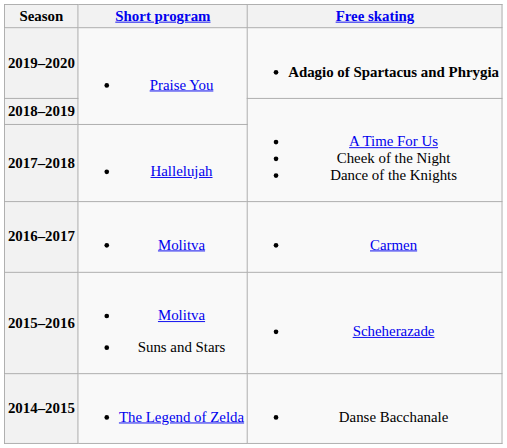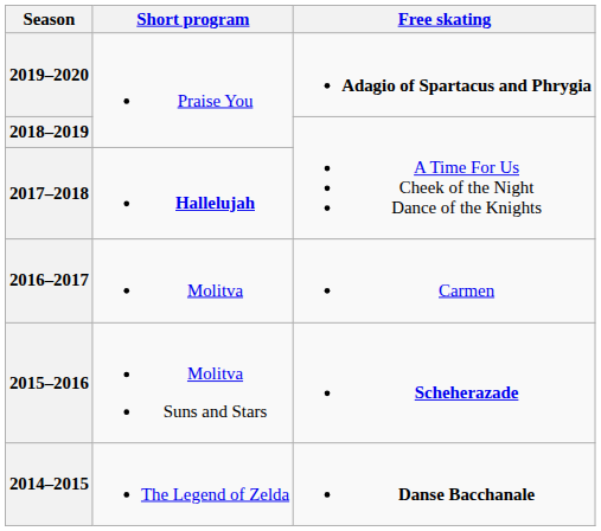 <table class=wikitable style=text-align:center>
 <tr>
 <th>Season</th>
 <th><a href='#'>Short program</a></th>
 <th><a href='#'>Free skating</a></th>
 </tr>
 <tr>
 <th>2019–2020 <br></th>
 <td rowspan=2><br><ul><li><a href='#'>Praise You</a> <br></li></ul></td>
 <td><strong><br><ul><li>Adagio of Spartacus and Phrygia <br></li></ul></strong></td>
 </tr>
 <tr>
 <th>2018–2019 <br></th>
 <td rowspan=2><br><ul><li><a href='#'>A Time For Us</a> <br></li><li>Cheek of the Night <br></li><li>Dance of the Knights <br></li></ul></td>
 </tr>
 <tr>
 <th>2017–2018 <br></th>
-<td><br><ul><li><a href='#'>Hallelujah</a> <br></li></ul></td>
+<td><strong><br><ul><li><a href='#'>Hallelujah</a> <br></li></ul></strong></td>
 </tr>
 <tr>
 <th>2016–2017 <br></th>
 <td><br><ul><li><a href='#'>Molitva</a> <br></li></ul></td>
 <td><br><ul><li><a href='#'>Carmen</a> <br></li></ul></td>
 </tr>
 <tr>
 <th>2015–2016 <br> </th>
 <td><br><ul><li><a href='#'>Molitva</a> <br></li></ul><ul><li>Suns and Stars <br></li></ul></td>
-<td><br><ul><li><a href='#'>Scheherazade</a> <br></li></ul></td>
+<td><strong><br><ul><li><a href='#'>Scheherazade</a> <br></li></ul></strong></td>
 </tr>
 <tr>
 <th>2014–2015 <br> </th>
 <td><br><ul><li><a href='#'>The Legend of Zelda</a> <br></li></ul></td>
-<td><br><ul><li>Danse Bacchanale <br></li></ul></td>
+<td><strong><br><ul><li>Danse Bacchanale <br></li></ul></strong></td>
 </tr>
 </table>
